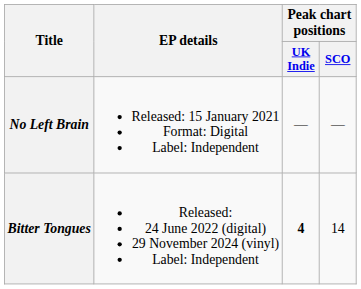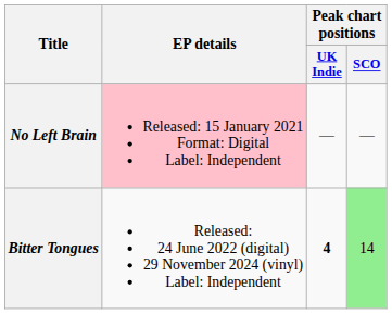 <table class="wikitable plainrowheaders" style="text-align:center;" border="1">
 <tr>
 <th scope="col" rowspan="2">Title</th>
 <th scope="col" rowspan="2">EP details</th>
 <th scope="col" colspan="2">Peak chart<br>positions</th>
 </tr>
 <tr>
 <th scope="col" style="width:2.5em;font-size:90%"><a href='#'>UK Indie</a><br></th>
 <th scope="col" style="width:2.5em;font-size:90%"><a href='#'>SCO</a><br></th>
 </tr>
 <tr>
 <th scope="row"><em>No Left Brain</em></th>
-<td><br><ul><li>Released: 15 January 2021</li><li>Format: Digital</li><li>Label: Independent</li></ul></td>
+<td style="background: pink;"><br><ul><li>Released: 15 January 2021</li><li>Format: Digital</li><li>Label: Independent</li></ul></td>
 <td>—</td>
 <td>—</td>
 </tr>
 <tr>
 <th scope="row"><em>Bitter Tongues</em></th>
 <td><br><ul><li>Released:</li><li>24 June 2022 (digital)</li><li>29 November 2024 (vinyl)</li><li>Label: Independent</li></ul></td>
 <td><strong>4</strong></td>
-<td>14</td>
+<td style="background: lightgreen;">14</td>
 </tr>
 </table>
